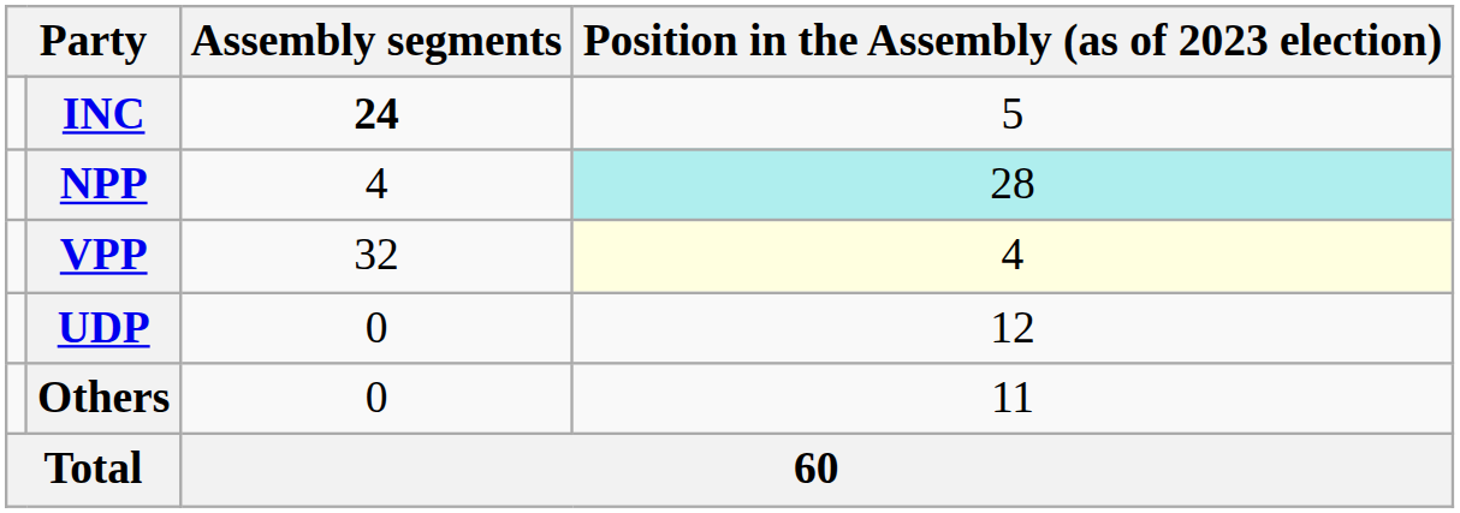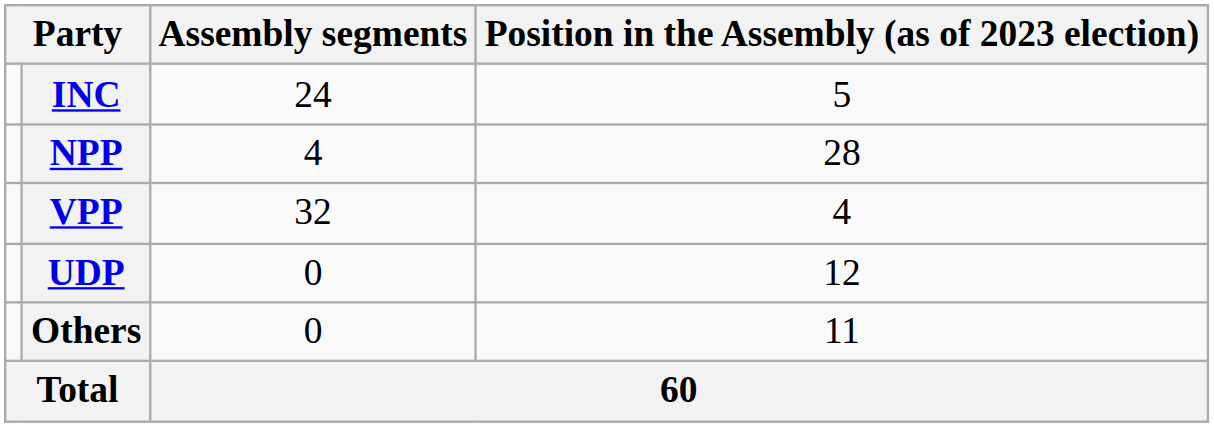 <table class="wikitable" style="text-align:center">
 <tr>
 <th colspan="2">Party</th>
 <th>Assembly segments</th>
 <th>Position in the Assembly (as of 2023 election)</th>
 </tr>
 <tr>
 <td></td>
 <th><a href='#'>INC</a></th>
-<td><strong>24</strong></td>
+<td>24</td>
 <td>5</td>
 </tr>
 <tr>
 <td></td>
 <th><a href='#'>NPP</a></th>
 <td>4</td>
-<td style="background: paleturquoise;">28</td>
+<td>28</td>
 </tr>
 <tr>
 <td></td>
 <th><a href='#'>VPP</a></th>
 <td>32</td>
-<td style="background: lightyellow;">4</td>
+<td>4</td>
 </tr>
 <tr>
 <td></td>
 <th><a href='#'>UDP</a></th>
 <td>0</td>
 <td>12</td>
 </tr>
 <tr>
 <td></td>
 <th>Others</th>
 <td>0</td>
 <td>11</td>
 </tr>
 <tr>
 <th colspan="2">Total</th>
 <th colspan="2">60</th>
 </tr>
 </table>
